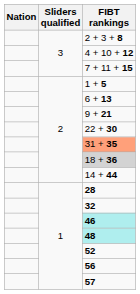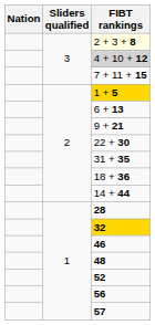 <table class="wikitable">
 <tr>
 <th>Nation</th>
 <th>Sliders<br>qualified</th>
 <th>FIBT<br>rankings</th>
 </tr>
 <tr>
 <td></td>
 <td rowspan = 3 align = "center">3</td>
-<td>2 + 3 + <strong>8</strong></td>
+<td style="background: lightyellow;">2 + 3 + <strong>8</strong></td>
 </tr>
 <tr>
 <td></td>
-<td>4 + 10 + <strong>12</strong></td>
+<td style="background: lightgrey;">4 + 10 + <strong>12</strong></td>
 </tr>
 <tr>
 <td></td>
 <td>7 + 11 + <strong>15</strong></td>
 </tr>
 <tr>
 <td></td>
 <td rowspan = 7 align = "center">2</td>
-<td>1 + <strong>5</strong></td>
+<td style="background: gold;">1 + <strong>5</strong></td>
 </tr>
 <tr>
 <td></td>
 <td>6 + <strong>13</strong></td>
 </tr>
 <tr>
 <td></td>
 <td>9 + <strong>21</strong></td>
 </tr>
 <tr>
 <td></td>
 <td>22 + <strong>30</strong></td>
 </tr>
 <tr>
 <td></td>
-<td style="background: lightsalmon;">31 + <strong>35</strong></td>
+<td>31 + <strong>35</strong></td>
 </tr>
 <tr>
 <td></td>
-<td style="background: lightgrey;">18 + <strong>36</strong></td>
+<td>18 + <strong>36</strong></td>
 </tr>
 <tr>
 <td></td>
 <td>14 + <strong>44</strong></td>
 </tr>
 <tr>
 <td></td>
 <td rowspan = 8 align = "center">1</td>
 <td><strong>28</strong></td>
 </tr>
 <tr>
 <td></td>
-<td><strong>32</strong></td>
+<td style="background: gold;"><strong>32</strong></td>
 </tr>
 <tr>
 <td></td>
-<td style="background: paleturquoise;"><strong>46</strong></td>
+<td><strong>46</strong></td>
 </tr>
 <tr>
 <td></td>
-<td style="background: paleturquoise;"><strong>48</strong></td>
+<td><strong>48</strong></td>
 </tr>
 <tr>
 <td></td>
 <td><strong>52</strong></td>
 </tr>
 <tr>
 <td></td>
 <td><strong>56</strong></td>
 </tr>
 <tr>
 <td></td>
 <td><strong>57</strong></td>
 </tr>
 </table>
